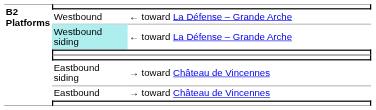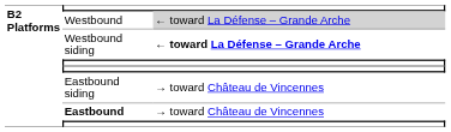 <table border=0 cellspacing=0 cellpadding=3>
 <tr>
 <td style="border-bottom:solid 1px gray;border-top:solid 1px gray;" rowspan=8 width=50 valign=top><strong>B2<br>Platforms</strong></td>
 <td style="border-top:solid 1px gray;border-right:solid 2px black;border-left:solid 2px black;border-bottom:solid 2px black;text-align:center;" colspan=2></td>
 </tr>
 <tr>
 <td style="border-bottom:solid 1px gray;" width=120>Westbound</td>
-<td style="border-bottom:solid 1px gray;" width=400>←   toward <a href='#'>La Défense – Grande Arche</a> </td>
+<td style="background: lightgrey; border-bottom:solid 1px gray;" width=400>←   toward <a href='#'>La Défense – Grande Arche</a> </td>
 </tr>
 <tr>
-<td style="background: paleturquoise;">Westbound siding</td>
-<td>←   toward <a href='#'>La Défense – Grande Arche</a> </td>
+<td>Westbound siding</td>
+<td><strong>←   toward <a href='#'>La Défense – Grande Arche</a> </strong></td>
 </tr>
 <tr>
 <td style="border-top:solid 2px black;border-right:solid 2px black;border-left:solid 2px black;border-bottom:solid 1px gray;text-align:center;" colspan=2></td>
 </tr>
 <tr>
 <td style="border-top:solid 1px gray;border-right:solid 2px black;border-left:solid 2px black;border-bottom:solid 2px black;text-align:center;" colspan=2></td>
 </tr>
 <tr>
 <td style="border-bottom:solid 1px gray;" width=120>Eastbound siding</td>
 <td style="border-bottom:solid 1px gray;" width=400>→   toward <a href='#'>Château de Vincennes</a> </td>
 </tr>
 <tr>
-<td>Eastbound</td>
+<td><strong>Eastbound</strong></td>
 <td>→   toward <a href='#'>Château de Vincennes</a> </td>
 </tr>
 <tr>
 <td style="border-top:solid 2px black;border-right:solid 2px black;border-left:solid 2px black;border-bottom:solid 1px gray;text-align:center;" colspan=2></td>
 </tr>
 </table>
